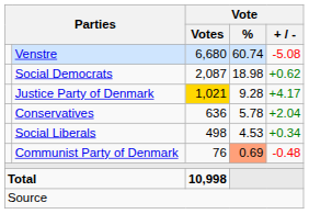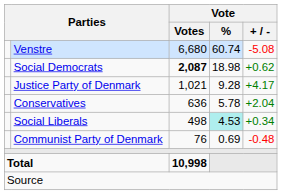 <table class="wikitable" style="text-align:right;">
 <tr>
 <th style="text-align:centre;" rowspan="2" colspan="2" width="225">Parties</th>
 <th colspan="3">Vote</th>
 </tr>
 <tr>
 <th width="15">Votes</th>
 <th width="15">%</th>
 <th width="15">+ / -</th>
 </tr>
 <tr>
 <td width="2" style="color:inherit;background:"></td>
 <td bgcolor=#cfe5fe  align="left"><a href='#'>Venstre</a></td>
 <td bgcolor=#cfe5fe>6,680</td>
 <td bgcolor=#cfe5fe>60.74</td>
 <td style=color:red;>-5.08</td>
 </tr>
 <tr>
 <td width="2" style="color:inherit;background:"></td>
 <td align="left"><a href='#'>Social Democrats</a></td>
-<td>2,087</td>
+<td><strong>2,087</strong></td>
 <td>18.98</td>
 <td style=color:green;>+0.62</td>
 </tr>
 <tr>
 <td width="2" style="color:inherit;background:"></td>
 <td align="left"><a href='#'>Justice Party of Denmark</a></td>
-<td style="background: gold;">1,021</td>
+<td>1,021</td>
 <td>9.28</td>
 <td style=color:green;>+4.17</td>
 </tr>
 <tr>
 <td width="2" style="color:inherit;background:"></td>
 <td align="left"><a href='#'>Conservatives</a></td>
 <td>636</td>
 <td>5.78</td>
 <td style=color:green;>+2.04</td>
 </tr>
 <tr>
 <td width="2" style="color:inherit;background:"></td>
 <td align="left"><a href='#'>Social Liberals</a></td>
 <td>498</td>
-<td>4.53</td>
+<td style="background: paleturquoise;">4.53</td>
 <td style=color:green;>+0.34</td>
 </tr>
 <tr>
 <td width="2" style="color:inherit;background:"></td>
 <td align="left"><a href='#'>Communist Party of Denmark</a></td>
 <td>76</td>
-<td style="background: lightsalmon;">0.69</td>
+<td>0.69</td>
 <td style=color:red;>-0.48</td>
 </tr>
 <tr>
 <td colspan="7" bgcolor="#E9E9E9"></td>
 </tr>
 <tr>
 <td align="left" colspan="2"><strong>Total</strong></td>
 <td><strong>10,998</strong></td>
 <td bgcolor="#E9E9E9" colspan="2"></td>
 </tr>
 <tr>
 <td align="left" colspan="6">Source</td>
 </tr>
 </table>
